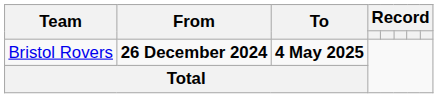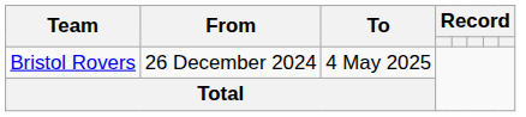 <table class=wikitable style=text-align:center>
 <tr>
 <th rowspan=2>Team</th>
 <th rowspan=2>From</th>
 <th rowspan=2>To</th>
 <th colspan=5>Record</th>
 </tr>
 <tr>
 <th></th>
 <th></th>
 <th></th>
 <th></th>
 <th></th>
 </tr>
 <tr>
 <td align=left><a href='#'>Bristol Rovers</a></td>
-<td align=left><strong>26 December 2024</strong></td>
-<td align=left><strong>4 May 2025<br></strong></td>
+<td align=left>26 December 2024</td>
+<td align=left>4 May 2025<br></td>
 </tr>
 <tr>
 <th colspan="3">Total<br></th>
 </tr>
 </table>
